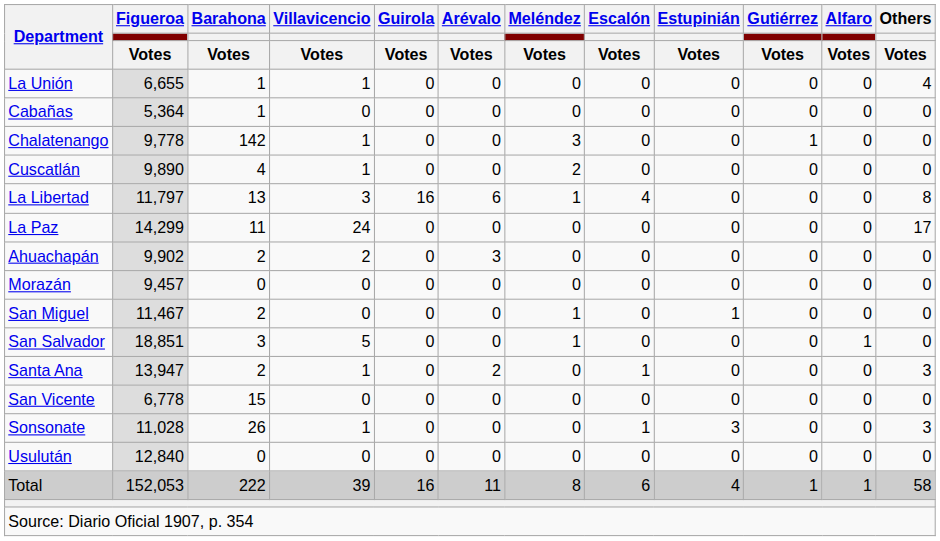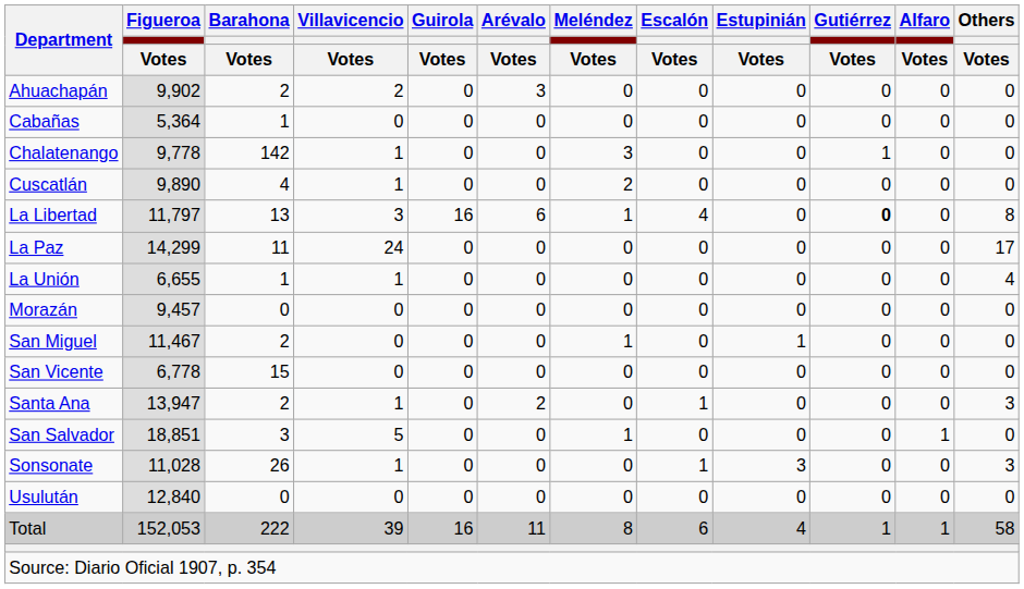 <table class="wikitable sortable" style="text-align:right; font-size:95%; line-height:20px;">
 <tr>
 <th rowspan="3"><a href='#'>Department</a></th>
 <th width="30px" class="unsortable"><a href='#'>Figueroa</a></th>
 <th width="30px" class="unsortable"><a href='#'>Barahona</a></th>
 <th width="30px" class="unsortable"><a href='#'>Villavicencio</a></th>
 <th width="30px" class="unsortable"><a href='#'>Guirola</a></th>
 <th width="30px" class="unsortable"><a href='#'>Arévalo</a></th>
 <th width="30px" class="unsortable"><a href='#'>Meléndez</a></th>
 <th width="30px" class="unsortable"><a href='#'>Escalón</a></th>
 <th width="30px" class="unsortable"><a href='#'>Estupinián</a></th>
 <th width="30px" class="unsortable"><a href='#'>Gutiérrez</a></th>
 <th width="30px" class="unsortable"><a href='#'>Alfaro</a></th>
 <th width="30px" class="unsortable">Others</th>
 </tr>
 <tr>
 <th style="background:#800000"></th>
 <th style="background:"></th>
 <th style="background:"></th>
 <th style="background:"></th>
 <th style="background:"></th>
 <th style="background:#800000"></th>
 <th style="background:"></th>
 <th style="background:"></th>
 <th style="background:#800000"></th>
 <th style="background:#800000"></th>
 <th style="background:"></th>
 </tr>
 <tr>
 <th data-sort-type="number">Votes</th>
 <th data-sort-type="number">Votes</th>
 <th data-sort-type="number">Votes</th>
 <th data-sort-type="number">Votes</th>
 <th data-sort-type="number">Votes</th>
 <th data-sort-type="number">Votes</th>
 <th data-sort-type="number">Votes</th>
 <th data-sort-type="number">Votes</th>
 <th data-sort-type="number">Votes</th>
 <th data-sort-type="number">Votes</th>
 <th data-sort-type="number">Votes</th>
 </tr>
 <tr>
-<td align="left"><a href='#'>La Unión</a></td>
-<td style="background:#DDD">6,655</td>
-<td>1</td>
-<td>1</td>
+<td align="left"><a href='#'>Ahuachapán</a></td>
+<td style="background:#DDD">9,902</td>
+<td>2</td>
+<td>2</td>
+<td>0</td>
+<td>3</td>
 <td>0</td>
 <td>0</td>
 <td>0</td>
 <td>0</td>
 <td>0</td>
 <td>0</td>
-<td>0</td>
-<td>4</td>
 </tr>
 <tr>
 <td align="left"><a href='#'>Cabañas</a></td>
 <td style="background:#DDD">5,364</td>
 <td>1</td>
 <td>0</td>
 <td>0</td>
 <td>0</td>
 <td>0</td>
 <td>0</td>
 <td>0</td>
 <td>0</td>
 <td>0</td>
 <td>0</td>
 </tr>
 <tr>
 <td align="left"><a href='#'>Chalatenango</a></td>
 <td style="background:#DDD">9,778</td>
 <td>142</td>
 <td>1</td>
 <td>0</td>
 <td>0</td>
 <td>3</td>
 <td>0</td>
 <td>0</td>
 <td>1</td>
 <td>0</td>
 <td>0</td>
 </tr>
 <tr>
 <td align="left"><a href='#'>Cuscatlán</a></td>
 <td style="background:#DDD">9,890</td>
 <td>4</td>
 <td>1</td>
 <td>0</td>
 <td>0</td>
 <td>2</td>
 <td>0</td>
 <td>0</td>
 <td>0</td>
 <td>0</td>
 <td>0</td>
 </tr>
 <tr>
 <td align="left"><a href='#'>La Libertad</a></td>
 <td style="background:#DDD">11,797</td>
 <td>13</td>
 <td>3</td>
 <td>16</td>
 <td>6</td>
 <td>1</td>
 <td>4</td>
 <td>0</td>
-<td>0</td>
+<td><strong>0</strong></td>
 <td>0</td>
 <td>8</td>
 </tr>
 <tr>
 <td align="left"><a href='#'>La Paz</a></td>
 <td style="background:#DDD">14,299</td>
 <td>11</td>
 <td>24</td>
 <td>0</td>
 <td>0</td>
 <td>0</td>
 <td>0</td>
 <td>0</td>
 <td>0</td>
 <td>0</td>
 <td>17</td>
 </tr>
 <tr>
-<td align="left"><a href='#'>Ahuachapán</a></td>
-<td style="background:#DDD">9,902</td>
-<td>2</td>
-<td>2</td>
-<td>0</td>
-<td>3</td>
+<td align="left"><a href='#'>La Unión</a></td>
+<td style="background:#DDD">6,655</td>
+<td>1</td>
+<td>1</td>
 <td>0</td>
 <td>0</td>
 <td>0</td>
 <td>0</td>
 <td>0</td>
 <td>0</td>
+<td>0</td>
+<td>4</td>
 </tr>
 <tr>
 <td align="left"><a href='#'>Morazán</a></td>
 <td style="background:#DDD">9,457</td>
 <td>0</td>
 <td>0</td>
 <td>0</td>
 <td>0</td>
 <td>0</td>
 <td>0</td>
 <td>0</td>
 <td>0</td>
 <td>0</td>
 <td>0</td>
 </tr>
 <tr>
 <td align="left"><a href='#'>San Miguel</a></td>
 <td style="background:#DDD">11,467</td>
 <td>2</td>
 <td>0</td>
 <td>0</td>
 <td>0</td>
 <td>1</td>
 <td>0</td>
 <td>1</td>
 <td>0</td>
 <td>0</td>
 <td>0</td>
 </tr>
 <tr>
-<td align="left"><a href='#'>San Salvador</a></td>
-<td style="background:#DDD">18,851</td>
-<td>3</td>
-<td>5</td>
-<td>0</td>
-<td>0</td>
-<td>1</td>
+<td align="left"><a href='#'>San Vicente</a></td>
+<td style="background:#DDD">6,778</td>
+<td>15</td>
 <td>0</td>
 <td>0</td>
 <td>0</td>
-<td>1</td>
+<td>0</td>
+<td>0</td>
+<td>0</td>
+<td>0</td>
+<td>0</td>
 <td>0</td>
 </tr>
 <tr>
 <td align="left"><a href='#'>Santa Ana</a></td>
 <td style="background:#DDD">13,947</td>
 <td>2</td>
 <td>1</td>
 <td>0</td>
 <td>2</td>
 <td>0</td>
 <td>1</td>
 <td>0</td>
 <td>0</td>
 <td>0</td>
 <td>3</td>
 </tr>
 <tr>
-<td align="left"><a href='#'>San Vicente</a></td>
-<td style="background:#DDD">6,778</td>
-<td>15</td>
+<td align="left"><a href='#'>San Salvador</a></td>
+<td style="background:#DDD">18,851</td>
+<td>3</td>
+<td>5</td>
+<td>0</td>
+<td>0</td>
+<td>1</td>
 <td>0</td>
 <td>0</td>
 <td>0</td>
-<td>0</td>
-<td>0</td>
-<td>0</td>
-<td>0</td>
-<td>0</td>
+<td>1</td>
 <td>0</td>
 </tr>
 <tr>
 <td align="left"><a href='#'>Sonsonate</a></td>
 <td style="background:#DDD">11,028</td>
 <td>26</td>
 <td>1</td>
 <td>0</td>
 <td>0</td>
 <td>0</td>
 <td>1</td>
 <td>3</td>
 <td>0</td>
 <td>0</td>
 <td>3</td>
 </tr>
 <tr>
 <td align="left"><a href='#'>Usulután</a></td>
 <td style="background:#DDD">12,840</td>
 <td>0</td>
 <td>0</td>
 <td>0</td>
 <td>0</td>
 <td>0</td>
 <td>0</td>
 <td>0</td>
 <td>0</td>
 <td>0</td>
 <td>0</td>
 </tr>
 <tr style="background:#CDCDCD;">
 <td align="left">Total</td>
 <td>152,053</td>
 <td>222</td>
 <td>39</td>
 <td>16</td>
 <td>11</td>
 <td>8</td>
 <td>6</td>
 <td>4</td>
 <td>1</td>
 <td>1</td>
 <td>58</td>
 </tr>
 <tr>
 <th colspan="12"></th>
 </tr>
 <tr>
 <th style="text-align:left; font-weight:normal; background:#F9F9F9" colspan="12">Source: Diario Oficial 1907, p. 354</th>
 </tr>
 </table>
